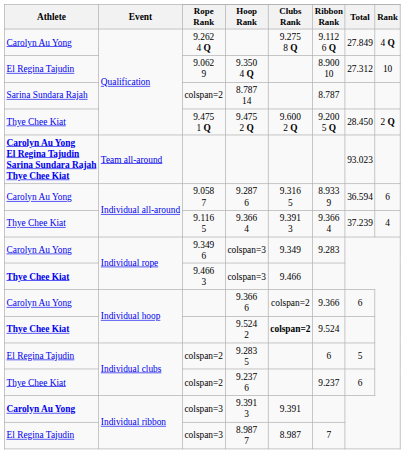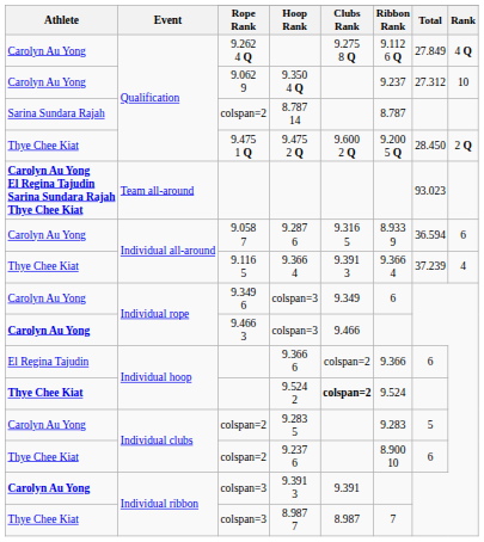 <table class=wikitable style="font-size:90%">
 <tr>
 <th rowspan=2>Athlete</th>
 <th rowspan=2>Event</th>
 </tr>
 <tr style="font-size:95%">
 <th>Rope<br>Rank</th>
 <th>Hoop<br>Rank</th>
 <th>Clubs<br>Rank</th>
 <th>Ribbon<br>Rank</th>
 <th>Total</th>
 <th>Rank</th>
 </tr>
 <tr align=center>
 <td align=left><a href='#'>Carolyn Au Yong</a></td>
 <td align=left rowspan=4><a href='#'>Qualification</a></td>
 <td>9.262<br>4 <strong>Q</strong></td>
 <td></td>
 <td>9.275<br>8 <strong>Q</strong></td>
 <td>9.112<br>6 <strong>Q</strong></td>
 <td>27.849</td>
 <td>4 <strong>Q</strong></td>
 </tr>
 <tr align=center>
-<td align=left><a href='#'>El Regina Tajudin</a></td>
+<td align=left><a href='#'>Carolyn Au Yong</a></td>
 <td>9.062<br>9</td>
 <td>9.350<br>4 <strong>Q</strong></td>
 <td></td>
-<td>8.900<br>10</td>
+<td>9.237</td>
 <td>27.312</td>
 <td>10</td>
 </tr>
 <tr align=center>
 <td align=left><a href='#'>Sarina Sundara Rajah</a></td>
 <td>colspan=2 </td>
 <td>8.787<br>14</td>
 <td></td>
 <td>8.787</td>
 <td></td>
 </tr>
 <tr align=center>
 <td align=left><a href='#'>Thye Chee Kiat</a></td>
 <td>9.475<br>1 <strong>Q</strong></td>
 <td>9.475<br>2 <strong>Q</strong></td>
 <td>9.600<br>2 <strong>Q</strong></td>
 <td>9.200<br>5 <strong>Q</strong></td>
 <td>28.450</td>
 <td>2 <strong>Q</strong></td>
 </tr>
 <tr align=center>
 <td align=left><strong><a href='#'>Carolyn Au Yong</a><br><a href='#'>El Regina Tajudin</a><br><a href='#'>Sarina Sundara Rajah</a><br><a href='#'>Thye Chee Kiat</a></strong></td>
 <td align=left><a href='#'>Team all-around</a></td>
 <td><br></td>
 <td><br></td>
 <td><br></td>
 <td><br></td>
 <td>93.023</td>
 <td></td>
 </tr>
 <tr align=center>
 <td align=left><a href='#'>Carolyn Au Yong</a></td>
 <td align=left rowspan=2><a href='#'>Individual all-around</a></td>
 <td>9.058<br>7</td>
 <td>9.287<br>6</td>
 <td>9.316<br>5</td>
 <td>8.933<br>9</td>
 <td>36.594</td>
 <td>6</td>
 </tr>
 <tr align=center>
 <td align=left><a href='#'>Thye Chee Kiat</a></td>
 <td>9.116<br>5</td>
 <td>9.366<br>4</td>
 <td>9.391<br>3</td>
 <td>9.366<br>4</td>
 <td>37.239</td>
 <td>4</td>
 </tr>
 <tr align=center>
 <td align=left><a href='#'>Carolyn Au Yong</a></td>
 <td align=left rowspan=2><a href='#'>Individual rope</a></td>
 <td>9.349<br>6</td>
 <td>colspan=3 </td>
 <td>9.349</td>
-<td>9.283</td>
+<td>6</td>
 </tr>
 <tr align=center>
-<td align=left><strong><a href='#'>Thye Chee Kiat</a></strong></td>
+<td align=left><strong><a href='#'>Carolyn Au Yong</a></strong></td>
 <td>9.466<br>3</td>
 <td>colspan=3 </td>
 <td>9.466</td>
 <td></td>
 </tr>
 <tr align=center>
-<td align=left><a href='#'>Carolyn Au Yong</a></td>
+<td align=left><a href='#'>El Regina Tajudin</a></td>
 <td align=left rowspan=2><a href='#'>Individual hoop</a></td>
 <td></td>
 <td>9.366<br>6</td>
 <td>colspan=2 </td>
 <td>9.366</td>
 <td>6</td>
 </tr>
 <tr align=center>
 <td align=left><strong><a href='#'>Thye Chee Kiat</a></strong></td>
 <td></td>
 <td>9.524<br>2</td>
 <td><strong>colspan=2 </strong></td>
 <td>9.524</td>
 <td></td>
 </tr>
 <tr align=center>
-<td align=left><a href='#'>El Regina Tajudin</a></td>
+<td align=left><a href='#'>Carolyn Au Yong</a></td>
 <td align=left rowspan=2><a href='#'>Individual clubs</a></td>
 <td>colspan=2 </td>
 <td>9.283<br>5</td>
 <td></td>
-<td>6</td>
+<td>9.283</td>
 <td>5</td>
 </tr>
 <tr align=center>
 <td align=left><a href='#'>Thye Chee Kiat</a></td>
 <td>colspan=2 </td>
 <td>9.237<br>6</td>
 <td></td>
-<td>9.237</td>
+<td>8.900<br>10</td>
 <td>6</td>
 </tr>
 <tr align=center>
 <td align=left><strong><a href='#'>Carolyn Au Yong</a></strong></td>
 <td align=left rowspan=2><a href='#'>Individual ribbon</a></td>
 <td>colspan=3 </td>
 <td>9.391<br>3</td>
 <td>9.391</td>
 <td></td>
 </tr>
 <tr align=center>
-<td align=left><a href='#'>El Regina Tajudin</a></td>
+<td align=left><a href='#'>Thye Chee Kiat</a></td>
 <td>colspan=3 </td>
 <td>8.987<br>7</td>
 <td>8.987</td>
 <td>7</td>
 </tr>
 </table>
